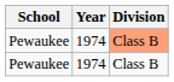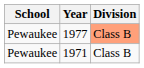 <table class="wikitable">
 <tr>
 <th>School</th>
 <th>Year</th>
 <th>Division</th>
 </tr>
 <tr>
 <td>Pewaukee</td>
-<td>1974</td>
+<td>1977</td>
 <td style="background: lightsalmon;">Class B</td>
 </tr>
 <tr>
 <td>Pewaukee</td>
-<td>1974</td>
+<td>1971</td>
 <td>Class B</td>
 </tr>
 </table>
